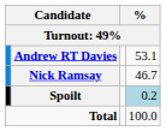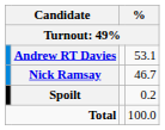 <table class="wikitable">
 <tr>
 <th colspan="2">Candidate</th>
 <th colspan="2">%</th>
 </tr>
 <tr>
 <th colspan=5>Turnout:  49%</th>
 </tr>
 <tr>
 <td style="background:#0087DC"></td>
 <th><a href='#'>Andrew RT Davies</a></th>
 <td style="text-align:right;"></td>
 <td style="text-align:right;">53.1</td>
 </tr>
 <tr>
 <td style="background:#0087DC"></td>
 <th><a href='#'>Nick Ramsay</a></th>
 <td style="text-align:right;"></td>
 <td style="text-align:right;">46.7</td>
 </tr>
 <tr>
 <td style="background:black"></td>
 <th>Spoilt </th>
 <td style="text-align:right;"></td>
-<td style="background: lightblue; text-align:right;">0.2</td>
+<td style="text-align:right;">0.2</td>
 </tr>
 <tr style="text-align:right;">
 <td colspan="2"><strong>Total</strong></td>
 <td></td>
 <td>100.0</td>
 </tr>
 </table>
